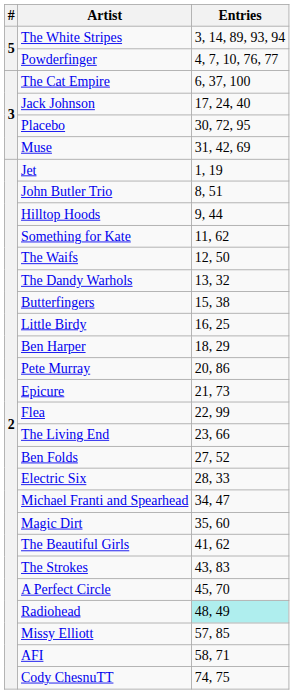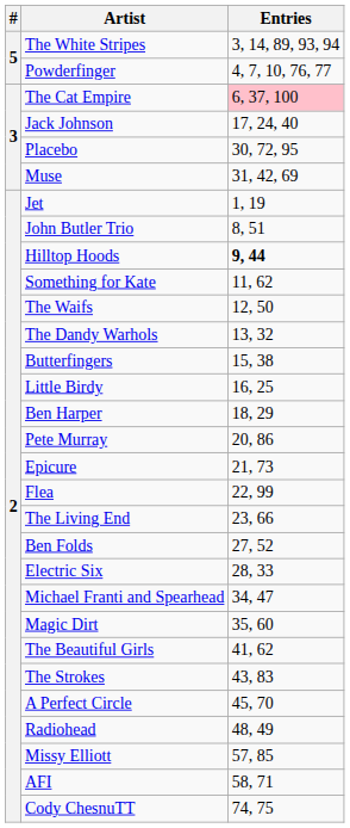 <table class="wikitable sortable">
 <tr>
 <th>#</th>
 <th>Artist</th>
 <th>Entries</th>
 </tr>
 <tr>
 <th rowspan="2">5</th>
 <td><a href='#'>The White Stripes</a></td>
 <td>3, 14, 89, 93, 94</td>
 </tr>
 <tr>
 <td><a href='#'>Powderfinger</a></td>
 <td>4, 7, 10, 76, 77</td>
 </tr>
 <tr>
 <th rowspan="4">3</th>
 <td><a href='#'>The Cat Empire</a></td>
-<td>6, 37, 100</td>
+<td style="background: pink;">6, 37, 100</td>
 </tr>
 <tr>
 <td><a href='#'>Jack Johnson</a></td>
 <td>17, 24, 40</td>
 </tr>
 <tr>
 <td><a href='#'>Placebo</a></td>
 <td>30, 72, 95</td>
 </tr>
 <tr>
 <td><a href='#'>Muse</a></td>
 <td>31, 42, 69</td>
 </tr>
 <tr>
 <th rowspan="24">2</th>
 <td><a href='#'>Jet</a></td>
 <td>1, 19</td>
 </tr>
 <tr>
 <td><a href='#'>John Butler Trio</a></td>
 <td>8, 51</td>
 </tr>
 <tr>
 <td><a href='#'>Hilltop Hoods</a></td>
-<td>9, 44</td>
+<td><strong>9, 44</strong></td>
 </tr>
 <tr>
 <td><a href='#'>Something for Kate</a></td>
 <td>11, 62</td>
 </tr>
 <tr>
 <td><a href='#'>The Waifs</a></td>
 <td>12, 50</td>
 </tr>
 <tr>
 <td><a href='#'>The Dandy Warhols</a></td>
 <td>13, 32</td>
 </tr>
 <tr>
 <td><a href='#'>Butterfingers</a></td>
 <td>15, 38</td>
 </tr>
 <tr>
 <td><a href='#'>Little Birdy</a></td>
 <td>16, 25</td>
 </tr>
 <tr>
 <td><a href='#'>Ben Harper</a></td>
 <td>18, 29</td>
 </tr>
 <tr>
 <td><a href='#'>Pete Murray</a></td>
 <td>20, 86</td>
 </tr>
 <tr>
 <td><a href='#'>Epicure</a></td>
 <td>21, 73</td>
 </tr>
 <tr>
 <td><a href='#'>Flea</a></td>
 <td>22, 99</td>
 </tr>
 <tr>
 <td><a href='#'>The Living End</a></td>
 <td>23, 66</td>
 </tr>
 <tr>
 <td><a href='#'>Ben Folds</a></td>
 <td>27, 52</td>
 </tr>
 <tr>
 <td><a href='#'>Electric Six</a></td>
 <td>28, 33</td>
 </tr>
 <tr>
 <td><a href='#'>Michael Franti and Spearhead</a></td>
 <td>34, 47</td>
 </tr>
 <tr>
 <td><a href='#'>Magic Dirt</a></td>
 <td>35, 60</td>
 </tr>
 <tr>
 <td><a href='#'>The Beautiful Girls</a></td>
 <td>41, 62</td>
 </tr>
 <tr>
 <td><a href='#'>The Strokes</a></td>
 <td>43, 83</td>
 </tr>
 <tr>
 <td><a href='#'>A Perfect Circle</a></td>
 <td>45, 70</td>
 </tr>
 <tr>
 <td><a href='#'>Radiohead</a></td>
-<td style="background: paleturquoise;">48, 49</td>
+<td>48, 49</td>
 </tr>
 <tr>
 <td><a href='#'>Missy Elliott</a></td>
 <td>57, 85</td>
 </tr>
 <tr>
 <td><a href='#'>AFI</a></td>
 <td>58, 71</td>
 </tr>
 <tr>
 <td><a href='#'>Cody ChesnuTT</a></td>
 <td>74, 75</td>
 </tr>
 </table>
